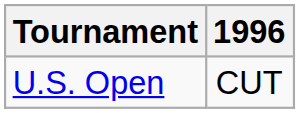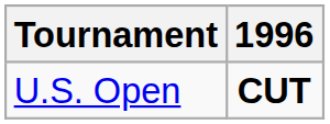 <table class="wikitable" style="font-size:95%;">
 <tr>
 <th>Tournament</th>
 <th>1996</th>
 </tr>
 <tr>
 <td><a href='#'>U.S. Open</a></td>
-<td align="center">CUT</td>
+<td align="center"><strong>CUT</strong></td>
 </tr>
 </table>
